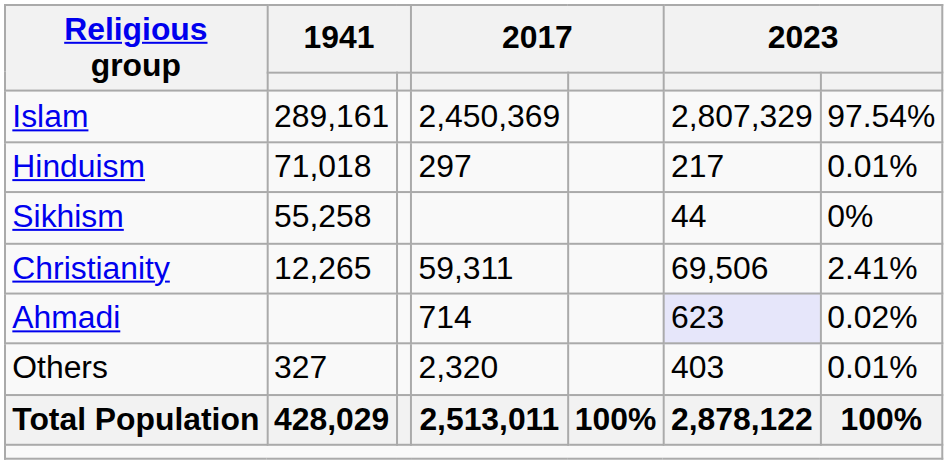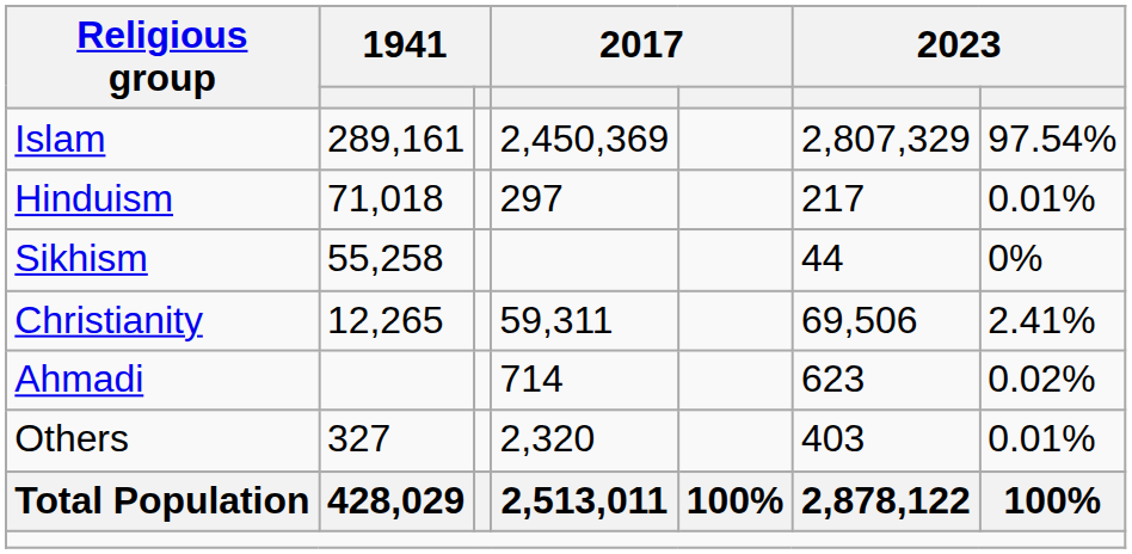 <table class="wikitable sortable">
 <tr>
 <th rowspan="2"><a href='#'>Religious</a><br>group</th>
 <th colspan="2">1941</th>
 <th colspan="2">2017</th>
 <th colspan="2">2023</th>
 </tr>
 <tr>
 <th><a href='#'></a></th>
 <th></th>
 <th></th>
 <th></th>
 <th></th>
 <th></th>
 </tr>
 <tr>
 <td><a href='#'>Islam</a> </td>
 <td>289,161</td>
 <td></td>
 <td>2,450,369</td>
 <td></td>
 <td>2,807,329</td>
 <td>97.54%</td>
 </tr>
 <tr>
 <td><a href='#'>Hinduism</a> </td>
 <td>71,018</td>
 <td></td>
 <td>297</td>
 <td></td>
 <td>217</td>
 <td>0.01%</td>
 </tr>
 <tr>
 <td><a href='#'>Sikhism</a> </td>
 <td>55,258</td>
 <td></td>
 <td></td>
 <td></td>
 <td>44</td>
 <td>0%</td>
 </tr>
 <tr>
 <td><a href='#'>Christianity</a> </td>
 <td>12,265</td>
 <td></td>
 <td>59,311</td>
 <td></td>
 <td>69,506</td>
 <td>2.41%</td>
 </tr>
 <tr>
 <td><a href='#'>Ahmadi</a></td>
 <td></td>
 <td></td>
 <td>714</td>
 <td></td>
-<td style="background: lavender;">623</td>
+<td>623</td>
 <td>0.02%</td>
 </tr>
 <tr>
 <td>Others</td>
 <td>327</td>
 <td></td>
 <td>2,320</td>
 <td></td>
 <td>403</td>
 <td>0.01%</td>
 </tr>
 <tr>
 <th>Total Population</th>
 <th>428,029</th>
 <th></th>
 <th>2,513,011</th>
 <th>100%</th>
 <th>2,878,122</th>
 <th>100%</th>
 </tr>
 <tr class="sortbottom">
 <td colspan="7"></td>
 </tr>
 </table>
